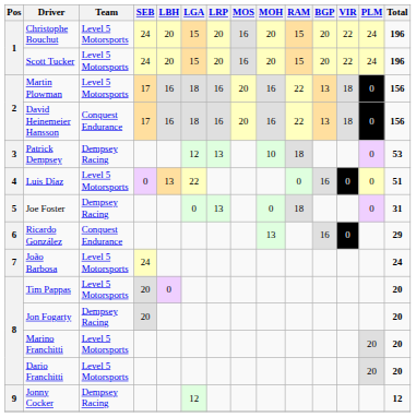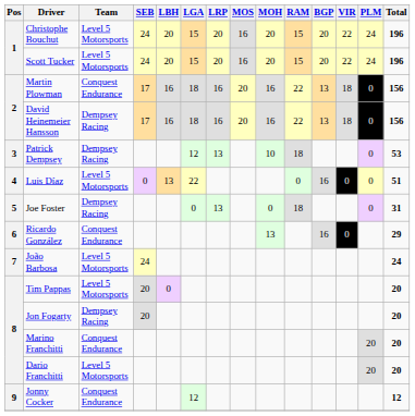 <table class="wikitable" style="font-size: 90%; text-align:center;">
 <tr>
 <th>Pos</th>
 <th>Driver</th>
 <th>Team</th>
 <th><a href='#'>SEB</a></th>
 <th><a href='#'>LBH</a></th>
 <th><a href='#'>LGA</a></th>
 <th><a href='#'>LRP</a></th>
 <th><a href='#'>MOS</a></th>
 <th><a href='#'>MOH</a></th>
 <th><a href='#'>RAM</a></th>
 <th><a href='#'>BGP</a></th>
 <th><a href='#'>VIR</a></th>
 <th><a href='#'>PLM</a></th>
 <th>Total</th>
 </tr>
 <tr>
 <th rowspan=2>1</th>
 <td align=left> <a href='#'>Christophe Bouchut</a></td>
 <td align=left> <a href='#'>Level 5 Motorsports</a></td>
 <td style="background:#FFFFBF;”">24</td>
 <td style="background:#FFFFBF;”">20</td>
 <td style="background:#FFDF9F;”">15</td>
 <td style="background:#FFFFBF;”">20</td>
 <td style="background:#DFDFDF;”">16</td>
 <td style="background:#FFFFBF;”">20</td>
 <td style="background:#FFDF9F;”">15</td>
 <td style="background:#FFFFBF;”">20</td>
 <td style="background:#FFFFBF;”">22</td>
 <td style="background:#FFFFBF;”">24</td>
 <td><strong>196</strong></td>
 </tr>
 <tr>
 <td align=left> <a href='#'>Scott Tucker</a></td>
 <td align=left> <a href='#'>Level 5 Motorsports</a></td>
 <td style="background:#FFFFBF;”">24</td>
 <td style="background:#FFFFBF;”">20</td>
 <td style="background:#FFDF9F;”">15</td>
 <td style="background:#FFFFBF;”">20</td>
 <td style="background:#DFDFDF;”">16</td>
 <td style="background:#FFFFBF;”">20</td>
 <td style="background:#FFDF9F;”">15</td>
 <td style="background:#FFFFBF;”">20</td>
 <td style="background:#FFFFBF;”">22</td>
 <td style="background:#FFFFBF;”">24</td>
 <td><strong>196</strong></td>
 </tr>
 <tr>
 <th rowspan=2>2</th>
 <td align=left> <a href='#'>Martin Plowman</a></td>
-<td align=left> <a href='#'>Level 5 Motorsports</a></td>
+<td align=left> <a href='#'>Conquest Endurance</a></td>
 <td style="background:#FFDF9F;”">17</td>
 <td style="background:#DFDFDF;”">16</td>
 <td style="background:#DFDFDF;”">18</td>
 <td style="background:#DFDFDF;”">16</td>
 <td style="background:#FFFFBF;”">20</td>
 <td style="background:#DFDFDF;”">16</td>
 <td style="background:#FFFFBF;”">22</td>
 <td style="background:#FFDF9F;”">13</td>
 <td style="background:#DFDFDF;”">18</td>
 <td style="background:#000000;color:white">0</td>
 <td><strong>156</strong></td>
 </tr>
 <tr>
 <td align=left> <a href='#'>David Heinemeier Hansson</a></td>
-<td align=left> <a href='#'>Conquest Endurance</a></td>
+<td align=left> <a href='#'>Dempsey Racing</a></td>
 <td style="background:#FFDF9F;”">17</td>
 <td style="background:#DFDFDF;”">16</td>
 <td style="background:#DFDFDF;”">18</td>
 <td style="background:#DFDFDF;”">16</td>
 <td style="background:#FFFFBF;”">20</td>
 <td style="background:#DFDFDF;”">16</td>
 <td style="background:#FFFFBF;”">22</td>
 <td style="background:#FFDF9F;”">13</td>
 <td style="background:#DFDFDF;”">18</td>
 <td style="background:#000000;color:white">0</td>
 <td><strong>156</strong></td>
 </tr>
 <tr>
 <th>3</th>
 <td align=left> <a href='#'>Patrick Dempsey</a></td>
 <td align=left> <a href='#'>Dempsey Racing</a></td>
 <td></td>
 <td></td>
 <td style="background:#DFFFDF;">12</td>
 <td style="background:#DFFFDF;">13</td>
 <td></td>
 <td style="background:#DFFFDF;">10</td>
 <td style="background:#DFDFDF;”">18</td>
 <td></td>
 <td></td>
 <td style="background:#EFCFFF;">0</td>
 <td><strong>53</strong></td>
 </tr>
 <tr>
 <th>4</th>
 <td align=left> <a href='#'>Luis Díaz</a></td>
 <td align=left> <a href='#'>Level 5 Motorsports</a></td>
 <td style="background:#EFCFFF;">0</td>
 <td style="background:#FFDF9F;”">13</td>
 <td style="background:#FFFFBF;”">22</td>
 <td></td>
 <td></td>
 <td></td>
 <td style="background:#DFFFDF;">0</td>
 <td style="background:#DFDFDF;”">16</td>
 <td style="background:#000000;color:white">0</td>
 <td style="background:#FFFFBF;”">0</td>
 <td><strong>51</strong></td>
 </tr>
 <tr>
 <th>5</th>
 <td align=left> Joe Foster</td>
 <td align=left> <a href='#'>Dempsey Racing</a></td>
 <td></td>
 <td></td>
 <td style="background:#DFFFDF;">0</td>
 <td style="background:#DFFFDF;">13</td>
 <td></td>
 <td style="background:#DFFFDF;">0</td>
 <td style="background:#DFDFDF;”">18</td>
 <td></td>
 <td></td>
 <td style="background:#EFCFFF;">0</td>
 <td><strong>31</strong></td>
 </tr>
 <tr>
 <th>6</th>
 <td align=left> <a href='#'>Ricardo González</a></td>
 <td align=left> <a href='#'>Conquest Endurance</a></td>
 <td></td>
 <td></td>
 <td></td>
 <td></td>
 <td></td>
 <td style="background:#DFFFDF;">13</td>
 <td></td>
 <td style="background:#DFDFDF;”">16</td>
 <td style="background:#000000;color:white">0</td>
 <td></td>
 <td><strong>29</strong></td>
 </tr>
 <tr>
 <th>7</th>
 <td align=left> <a href='#'>João Barbosa</a></td>
 <td align=left> <a href='#'>Level 5 Motorsports</a></td>
 <td style="background:#FFFFBF;”">24</td>
 <td></td>
 <td></td>
 <td></td>
 <td></td>
 <td></td>
 <td></td>
 <td></td>
 <td></td>
 <td></td>
 <td><strong>24</strong></td>
 </tr>
 <tr>
 <th rowspan=4>8</th>
 <td align=left> <a href='#'>Tim Pappas</a></td>
 <td align=left> <a href='#'>Level 5 Motorsports</a></td>
 <td style="background:#DFDFDF;”">20</td>
 <td style="background:#EFCFFF;">0</td>
 <td></td>
 <td></td>
 <td></td>
 <td></td>
 <td></td>
 <td></td>
 <td></td>
 <td></td>
 <td><strong>20</strong></td>
 </tr>
 <tr>
 <td align=left> <a href='#'>Jon Fogarty</a></td>
 <td align=left> <a href='#'>Dempsey Racing</a></td>
 <td style="background:#DFDFDF;”">20</td>
 <td></td>
 <td></td>
 <td></td>
 <td></td>
 <td></td>
 <td></td>
 <td></td>
 <td></td>
 <td></td>
 <td><strong>20</strong></td>
 </tr>
 <tr>
 <td align=left> <a href='#'>Marino Franchitti</a></td>
-<td align=left> <a href='#'>Level 5 Motorsports</a></td>
+<td align=left> <a href='#'>Conquest Endurance</a></td>
 <td></td>
 <td></td>
 <td></td>
 <td></td>
 <td></td>
 <td></td>
 <td></td>
 <td></td>
 <td></td>
 <td style="background:#DFDFDF;”">20</td>
 <td><strong>20</strong></td>
 </tr>
 <tr>
 <td align=left> <a href='#'>Dario Franchitti</a></td>
 <td align=left> <a href='#'>Level 5 Motorsports</a></td>
 <td></td>
 <td></td>
 <td></td>
 <td></td>
 <td></td>
 <td></td>
 <td></td>
 <td></td>
 <td></td>
 <td style="background:#DFDFDF;”">20</td>
 <td><strong>20</strong></td>
 </tr>
 <tr>
 <th>9</th>
 <td align=left> <a href='#'>Jonny Cocker</a></td>
-<td align=left> <a href='#'>Dempsey Racing</a></td>
+<td align=left> <a href='#'>Conquest Endurance</a></td>
 <td></td>
 <td></td>
 <td style="background:#DFFFDF;">12</td>
 <td></td>
 <td></td>
 <td></td>
 <td></td>
 <td></td>
 <td></td>
 <td></td>
 <td><strong>12</strong></td>
 </tr>
 <tr>
 </tr>
 </table>
